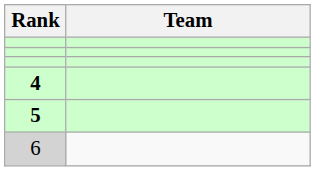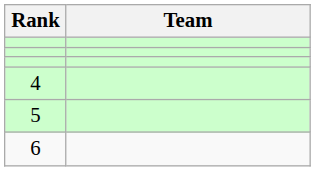 <table class="wikitable" style="text-align: center;">
 <tr>
 <th width=40>Rank</th>
 <th width=180>Team</th>
 </tr>
 <tr bgcolor="#ccffcc">
 <td></td>
 <td align="left"></td>
 </tr>
 <tr bgcolor="#ccffcc">
 <td></td>
 <td align="left"></td>
 </tr>
 <tr bgcolor="#ccffcc">
 <td></td>
 <td align="left"></td>
 </tr>
 <tr bgcolor="#ccffcc">
-<td><strong>4</strong></td>
+<td>4</td>
 <td align="left"></td>
 </tr>
 <tr bgcolor="#ccffcc">
-<td><strong>5</strong></td>
+<td>5</td>
 <td align="left"></td>
 </tr>
 <tr>
-<td style="background: lightgrey;">6</td>
+<td>6</td>
 <td align="left"></td>
 </tr>
 </table>
